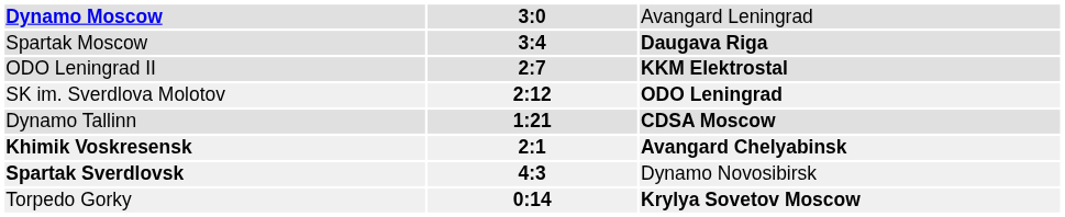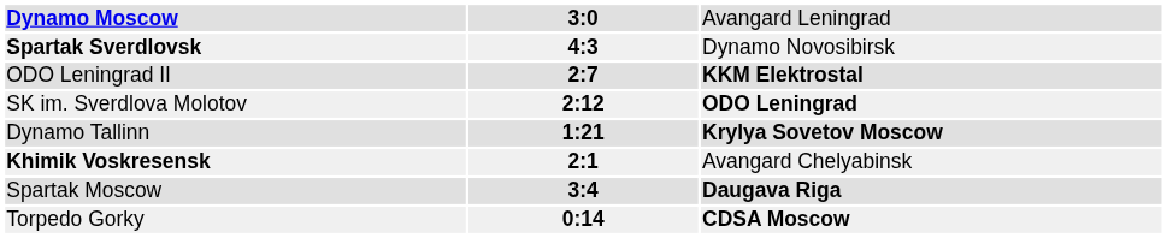 <table width="70%">
 <tr bgcolor="#e0e0e0">
 <td style="width:40%;"><strong><a href='#'>Dynamo Moscow</a></strong></td>
 <th style="width:20%;"><strong>3:0</strong></th>
 <td style="width:40%;">Avangard Leningrad</td>
 </tr>
-<tr bgcolor="#e0e0e0">
-<td>Spartak Moscow</td>
-<th><strong>3:4</strong></th>
-<td><strong>Daugava Riga</strong></td>
+<tr bgcolor="#f0f0f0">
+<td><strong>Spartak Sverdlovsk</strong></td>
+<th><strong>4:3</strong></th>
+<td>Dynamo Novosibirsk</td>
 </tr>
 <tr bgcolor="#e0e0e0">
 <td>ODO Leningrad II</td>
 <th><strong>2:7</strong></th>
 <td><strong>KKM Elektrostal</strong></td>
 </tr>
 <tr bgcolor="#f0f0f0">
 <td>SK im. Sverdlova Molotov</td>
 <td align="center"><strong>2:12</strong></td>
 <td><strong>ODO Leningrad</strong></td>
 </tr>
 <tr bgcolor="#e0e0e0">
 <td>Dynamo Tallinn</td>
 <th><strong>1:21</strong></th>
-<td><strong>CDSA Moscow</strong></td>
+<td><strong>Krylya Sovetov Moscow</strong></td>
 </tr>
 <tr bgcolor="#f0f0f0">
 <td><strong>Khimik Voskresensk</strong></td>
 <td align="center"><strong>2:1</strong></td>
-<td><strong>Avangard Chelyabinsk</strong></td>
+<td>Avangard Chelyabinsk</td>
 </tr>
-<tr bgcolor="#f0f0f0">
-<td><strong>Spartak Sverdlovsk</strong></td>
-<th><strong>4:3</strong></th>
-<td>Dynamo Novosibirsk</td>
+<tr bgcolor="#e0e0e0">
+<td>Spartak Moscow</td>
+<th><strong>3:4</strong></th>
+<td><strong>Daugava Riga</strong></td>
 </tr>
 <tr bgcolor="#f0f0f0">
 <td>Torpedo Gorky</td>
 <td align="center"><strong>0:14</strong></td>
-<td><strong>Krylya Sovetov Moscow</strong></td>
+<td><strong>CDSA Moscow</strong></td>
 </tr>
 </table>
